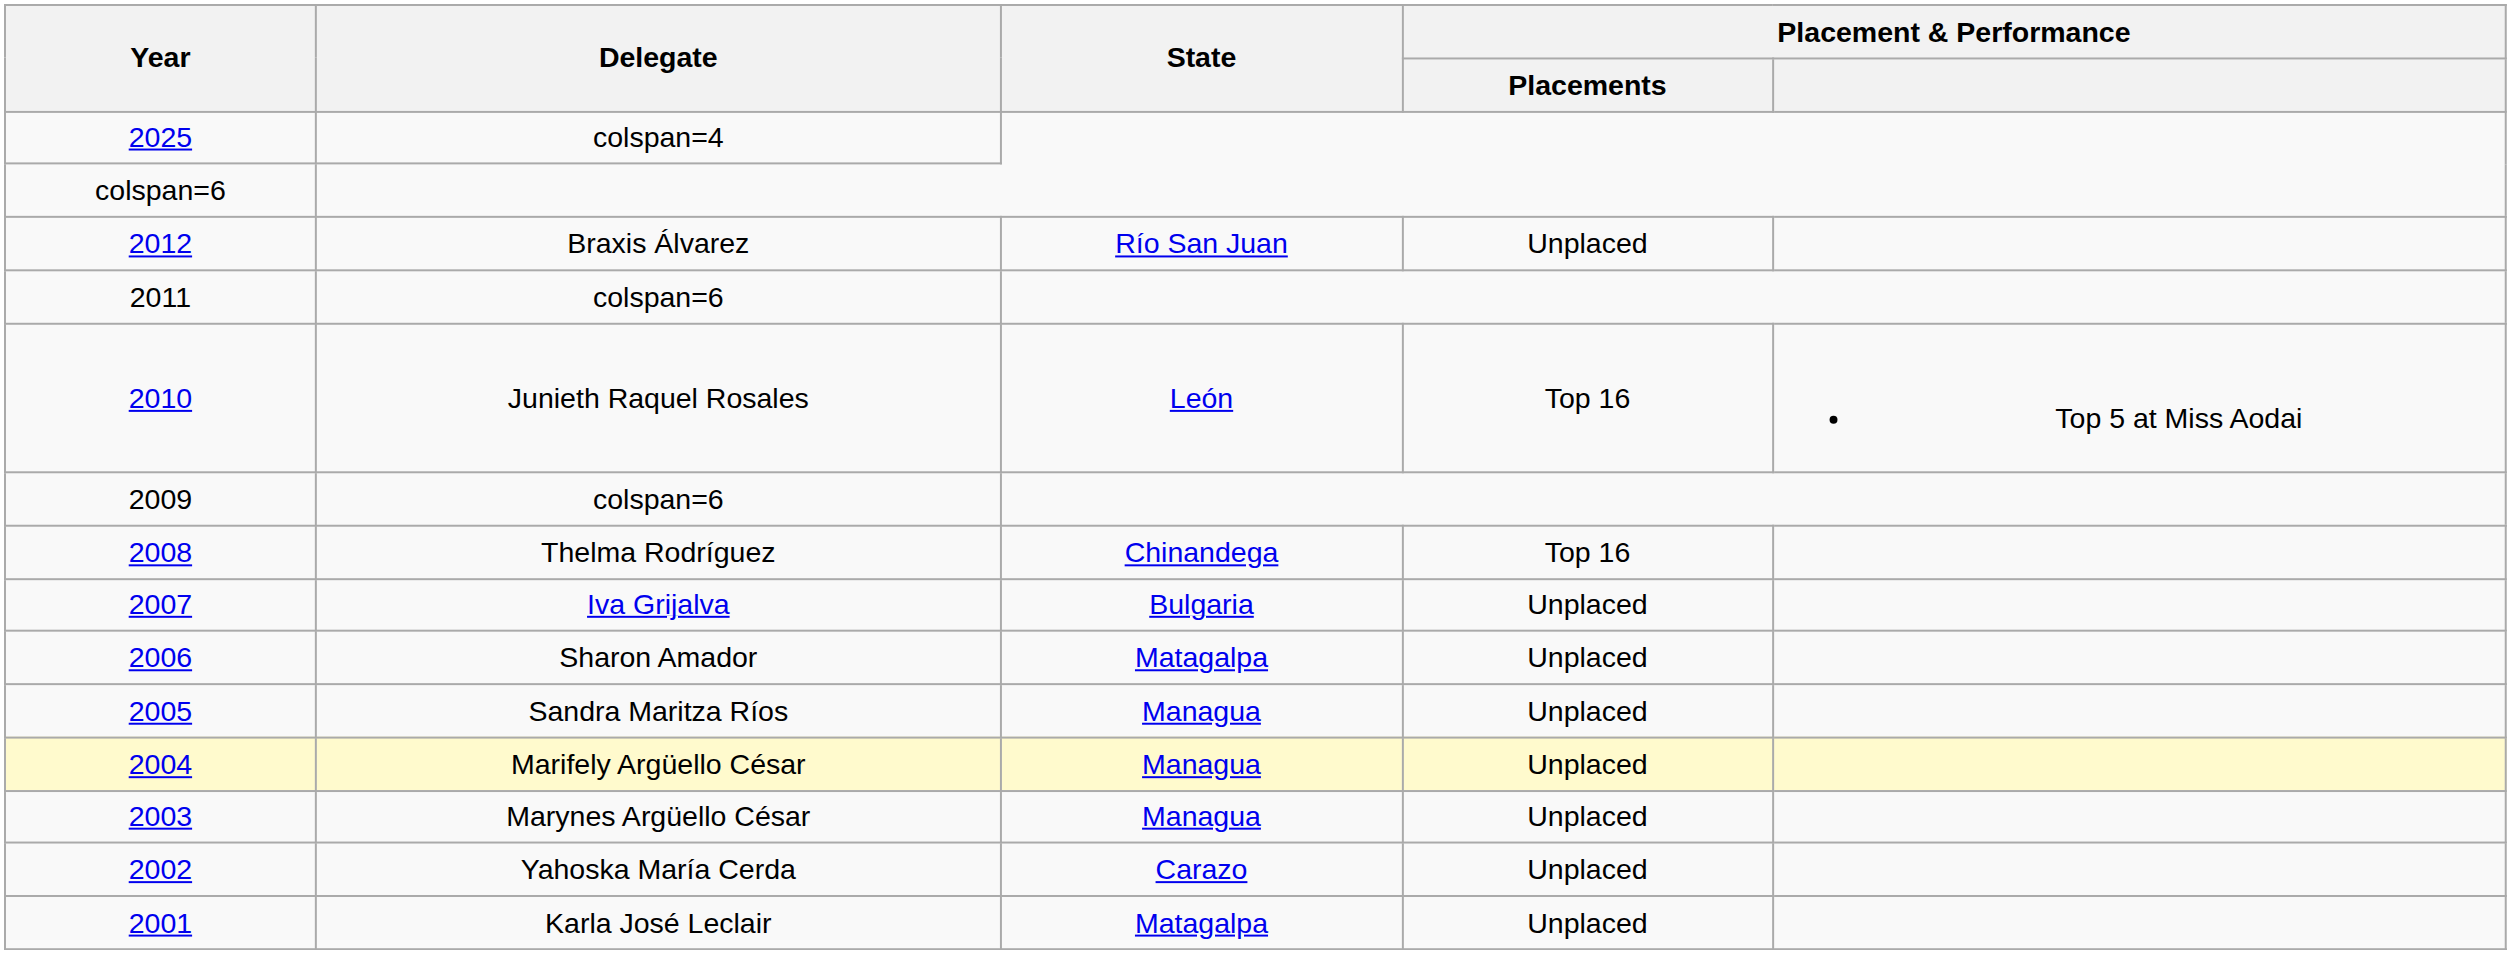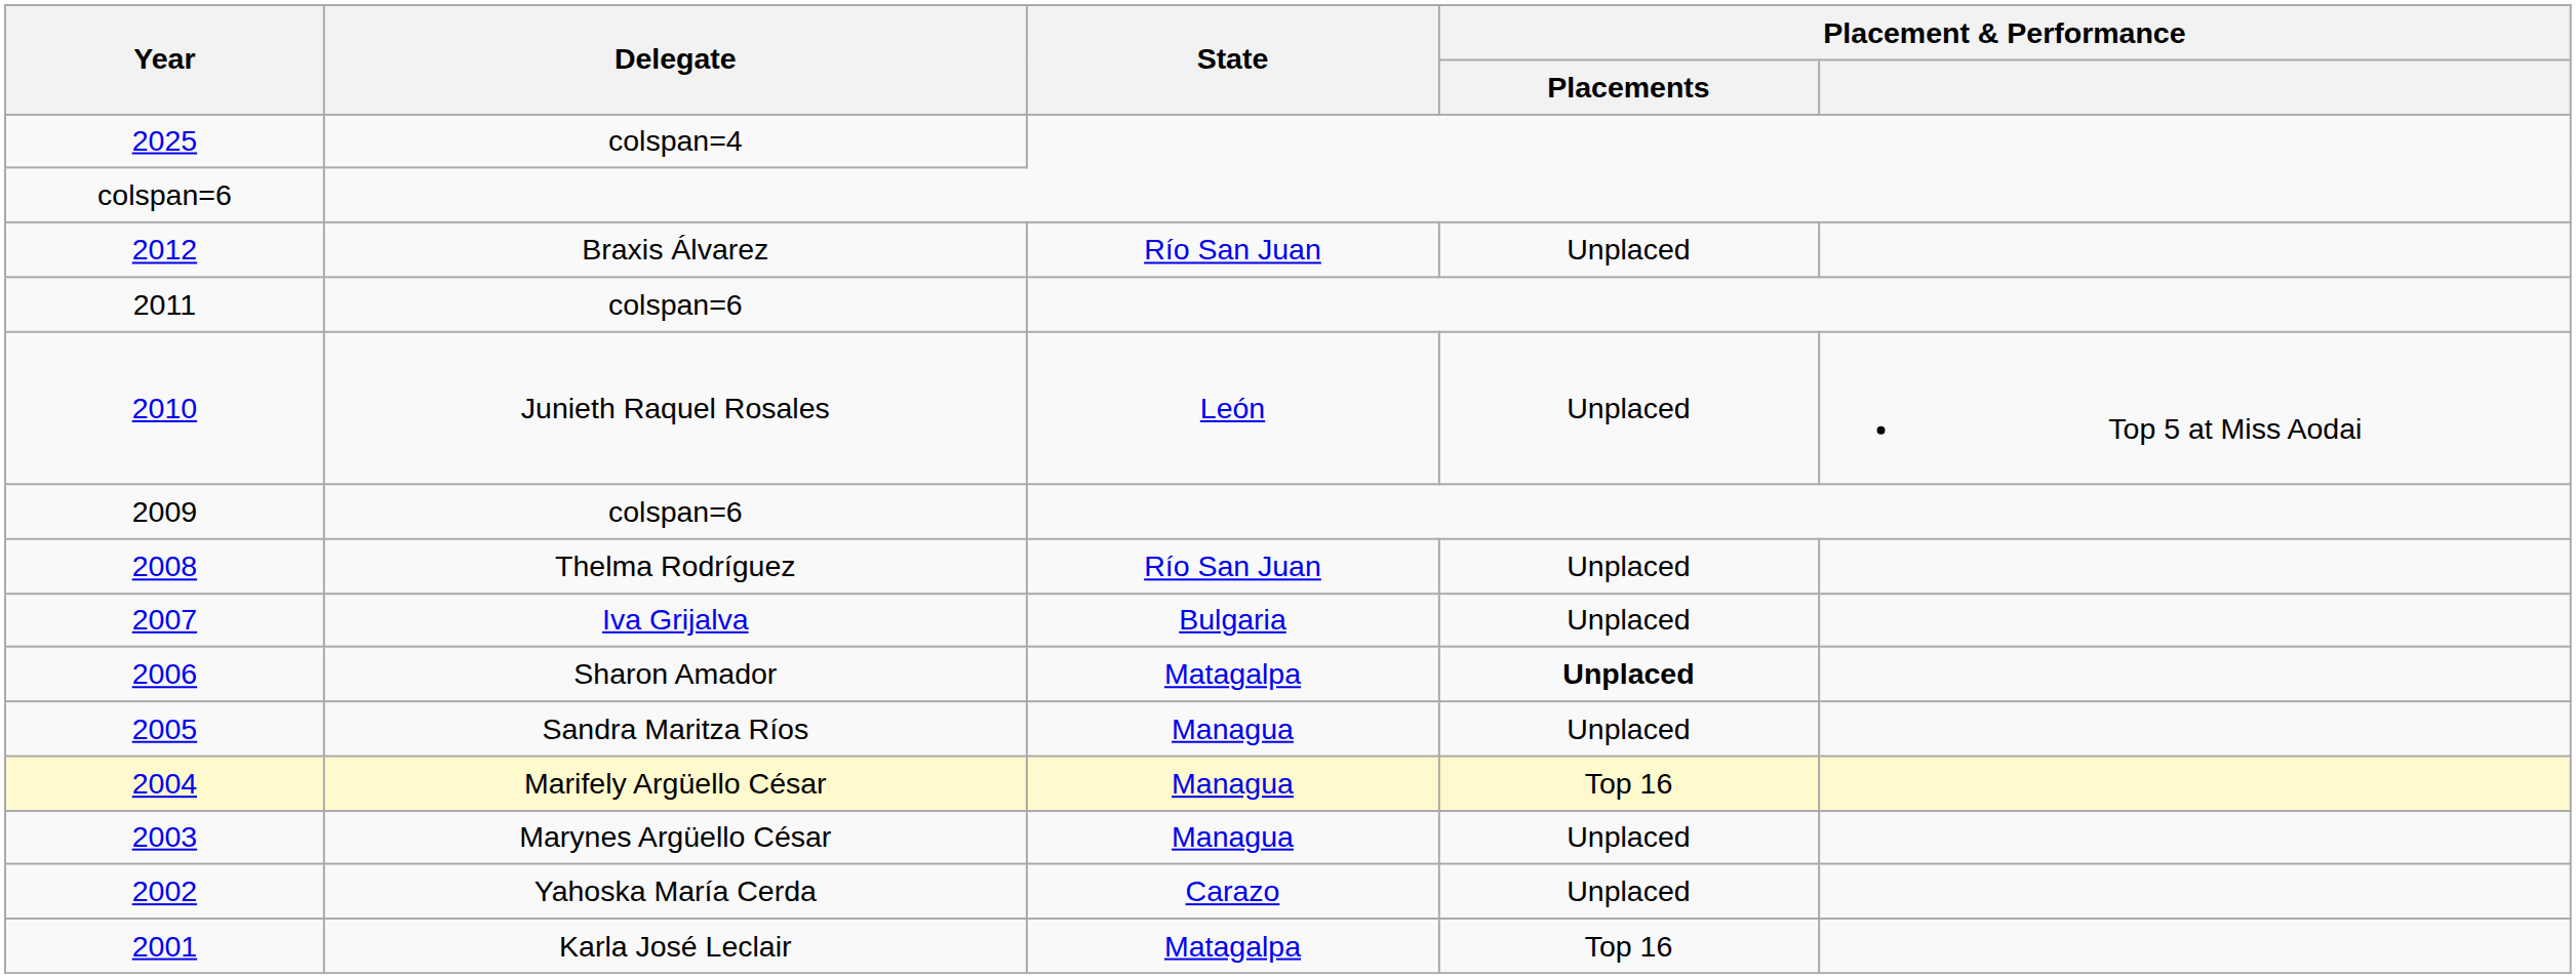 <table class="wikitable" style="text-align:center; line-height:20px; font-size:90%; width:100%;">
 <tr>
 <th rowspan="2">Year</th>
 <th rowspan="2">Delegate</th>
 <th rowspan="2">State</th>
 <th colspan="2">Placement & Performance</th>
 </tr>
 <tr>
 <th>Placements</th>
 <th></th>
 </tr>
 <tr>
 <td align="center"><a href='#'>2025</a></td>
 <td>colspan=4 </td>
 </tr>
 <tr>
 <td>colspan=6 </td>
 </tr>
 <tr>
 <td align="center"><a href='#'>2012</a></td>
 <td>Braxis Álvarez</td>
 <td><a href='#'>Río San Juan</a></td>
 <td align="center">Unplaced</td>
 <td align="center"></td>
 </tr>
 <tr>
 <td align="center">2011</td>
 <td>colspan=6 </td>
 </tr>
 <tr>
 <td align="center"><a href='#'>2010</a></td>
 <td>Junieth Raquel Rosales</td>
 <td><a href='#'>León</a></td>
-<td align="center">Top 16</td>
+<td align="center">Unplaced</td>
 <td align="center"><br><ul><li>Top 5 at Miss Aodai</li></ul></td>
 </tr>
 <tr>
 <td align="center">2009</td>
 <td>colspan=6 </td>
 </tr>
 <tr>
 <td align="center"><a href='#'>2008</a></td>
 <td>Thelma Rodríguez</td>
-<td><a href='#'>Chinandega</a></td>
-<td align="center">Top 16</td>
+<td><a href='#'>Río San Juan</a></td>
+<td align="center">Unplaced</td>
 <td align="center"></td>
 </tr>
 <tr>
 <td align="center"><a href='#'>2007</a></td>
 <td><a href='#'>Iva Grijalva</a></td>
 <td><a href='#'>Bulgaria</a></td>
 <td align="center">Unplaced</td>
 <td align="center"></td>
 </tr>
 <tr>
 <td align="center"><a href='#'>2006</a></td>
 <td>Sharon Amador</td>
 <td><a href='#'>Matagalpa</a></td>
-<td align="center">Unplaced</td>
+<td align="center"><strong>Unplaced</strong></td>
 <td align="center"></td>
 </tr>
 <tr>
 <td align="center"><a href='#'>2005</a></td>
 <td>Sandra Maritza Ríos</td>
 <td><a href='#'>Managua</a></td>
 <td align="center">Unplaced</td>
 <td align="center"></td>
 </tr>
 <tr style="background-color:#FFFACD;">
 <td align="center"><a href='#'>2004</a></td>
 <td>Marifely Argüello César</td>
 <td><a href='#'>Managua</a></td>
-<td align="center">Unplaced</td>
+<td align="center">Top 16</td>
 <td align="center"></td>
 </tr>
 <tr>
 <td align="center"><a href='#'>2003</a></td>
 <td>Marynes Argüello César</td>
 <td><a href='#'>Managua</a></td>
 <td align="center">Unplaced</td>
 <td align="center"></td>
 </tr>
 <tr>
 <td align="center"><a href='#'>2002</a></td>
 <td>Yahoska María Cerda</td>
 <td><a href='#'>Carazo</a></td>
 <td align="center">Unplaced</td>
 <td align="center"></td>
 </tr>
 <tr>
 <td align="center"><a href='#'>2001</a></td>
 <td>Karla José Leclair</td>
 <td><a href='#'>Matagalpa</a></td>
-<td align="center">Unplaced</td>
+<td align="center">Top 16</td>
 <td align="center"></td>
 </tr>
 <tr>
 </tr>
 </table>
